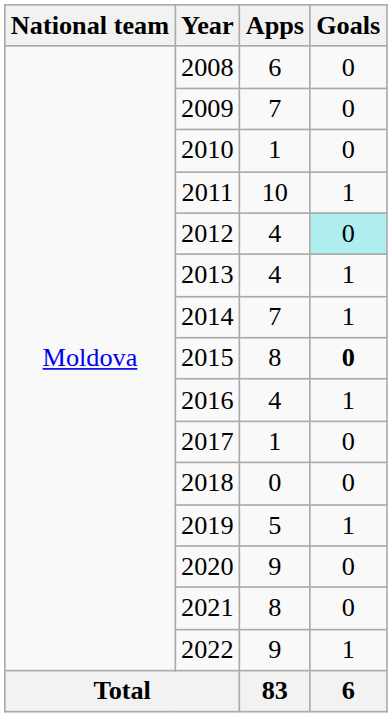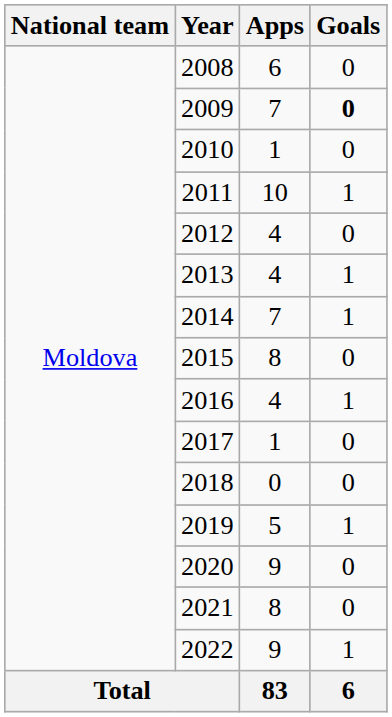 <table class="wikitable" style="text-align:center">
 <tr>
 <th>National team</th>
 <th>Year</th>
 <th>Apps</th>
 <th>Goals</th>
 </tr>
 <tr>
 <td rowspan=15><a href='#'>Moldova</a></td>
 <td>2008</td>
 <td>6</td>
 <td>0</td>
 </tr>
 <tr>
 <td>2009</td>
 <td>7</td>
-<td>0</td>
+<td><strong>0</strong></td>
 </tr>
 <tr>
 <td>2010</td>
 <td>1</td>
 <td>0</td>
 </tr>
 <tr>
 <td>2011</td>
 <td>10</td>
 <td>1</td>
 </tr>
 <tr>
 <td>2012</td>
 <td>4</td>
-<td style="background: paleturquoise;">0</td>
+<td>0</td>
 </tr>
 <tr>
 <td>2013</td>
 <td>4</td>
 <td>1</td>
 </tr>
 <tr>
 <td>2014</td>
 <td>7</td>
 <td>1</td>
 </tr>
 <tr>
 <td>2015</td>
 <td>8</td>
-<td><strong>0</strong></td>
+<td>0</td>
 </tr>
 <tr>
 <td>2016</td>
 <td>4</td>
 <td>1</td>
 </tr>
 <tr>
 <td>2017</td>
 <td>1</td>
 <td>0</td>
 </tr>
 <tr>
 <td>2018</td>
 <td>0</td>
 <td>0</td>
 </tr>
 <tr>
 <td>2019</td>
 <td>5</td>
 <td>1</td>
 </tr>
 <tr>
 <td>2020</td>
 <td>9</td>
 <td>0</td>
 </tr>
 <tr>
 <td>2021</td>
 <td>8</td>
 <td>0</td>
 </tr>
 <tr>
 <td>2022</td>
 <td>9</td>
 <td>1</td>
 </tr>
 <tr>
 <th colspan=2>Total</th>
 <th>83</th>
 <th>6</th>
 </tr>
 </table>
